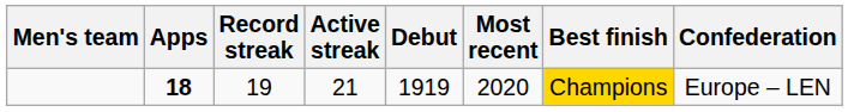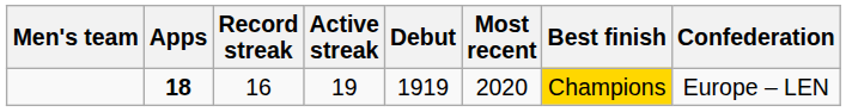 <table class="wikitable" style="text-align: center; font-size: 90%; margin-left: 1em;">
 <tr>
 <th>Men's team</th>
 <th>Apps</th>
 <th>Record<br>streak</th>
 <th>Active<br>streak</th>
 <th>Debut</th>
 <th>Most<br>recent</th>
 <th>Best finish</th>
 <th>Confederation</th>
 </tr>
 <tr>
 <td style="text-align: left;"></td>
 <td><strong>18</strong></td>
+<td>16</td>
 <td>19</td>
-<td>21</td>
 <td>1919</td>
 <td>2020</td>
 <td style="background-color: gold;">Champions</td>
 <td>Europe – LEN</td>
 </tr>
 </table>
